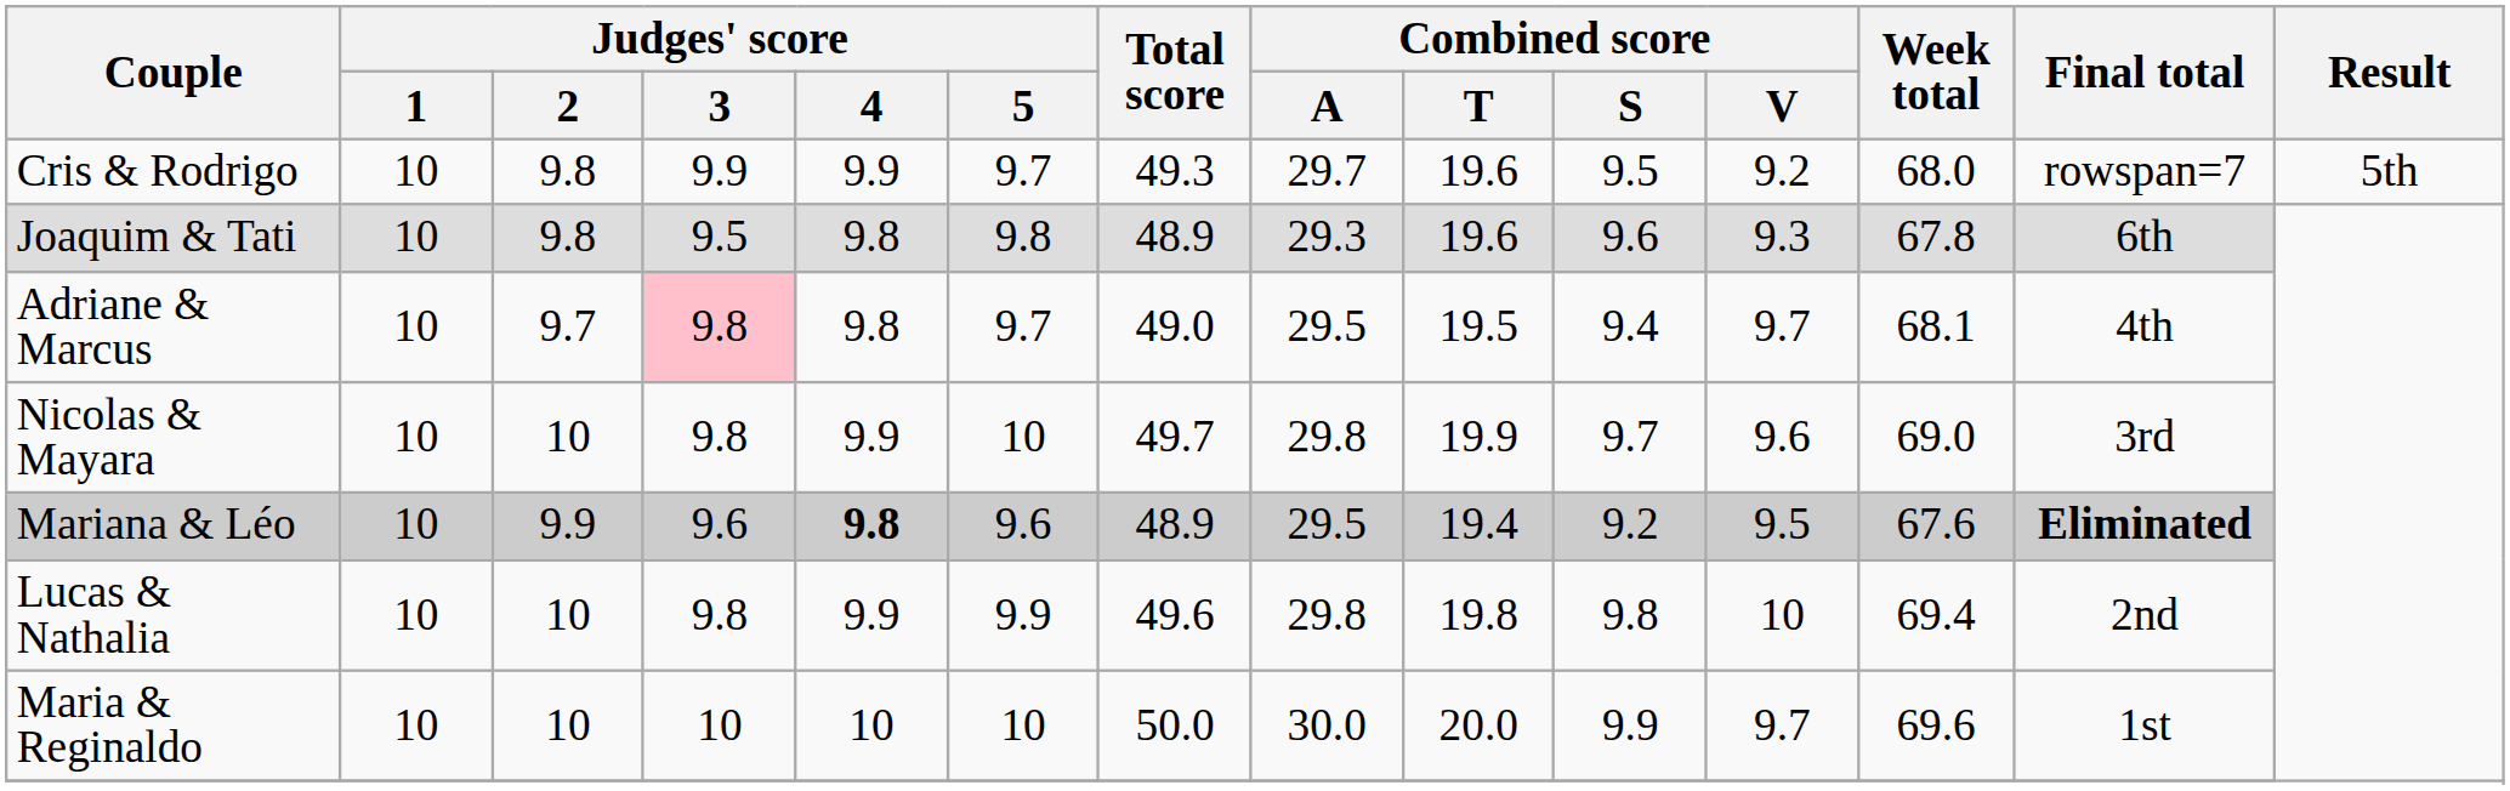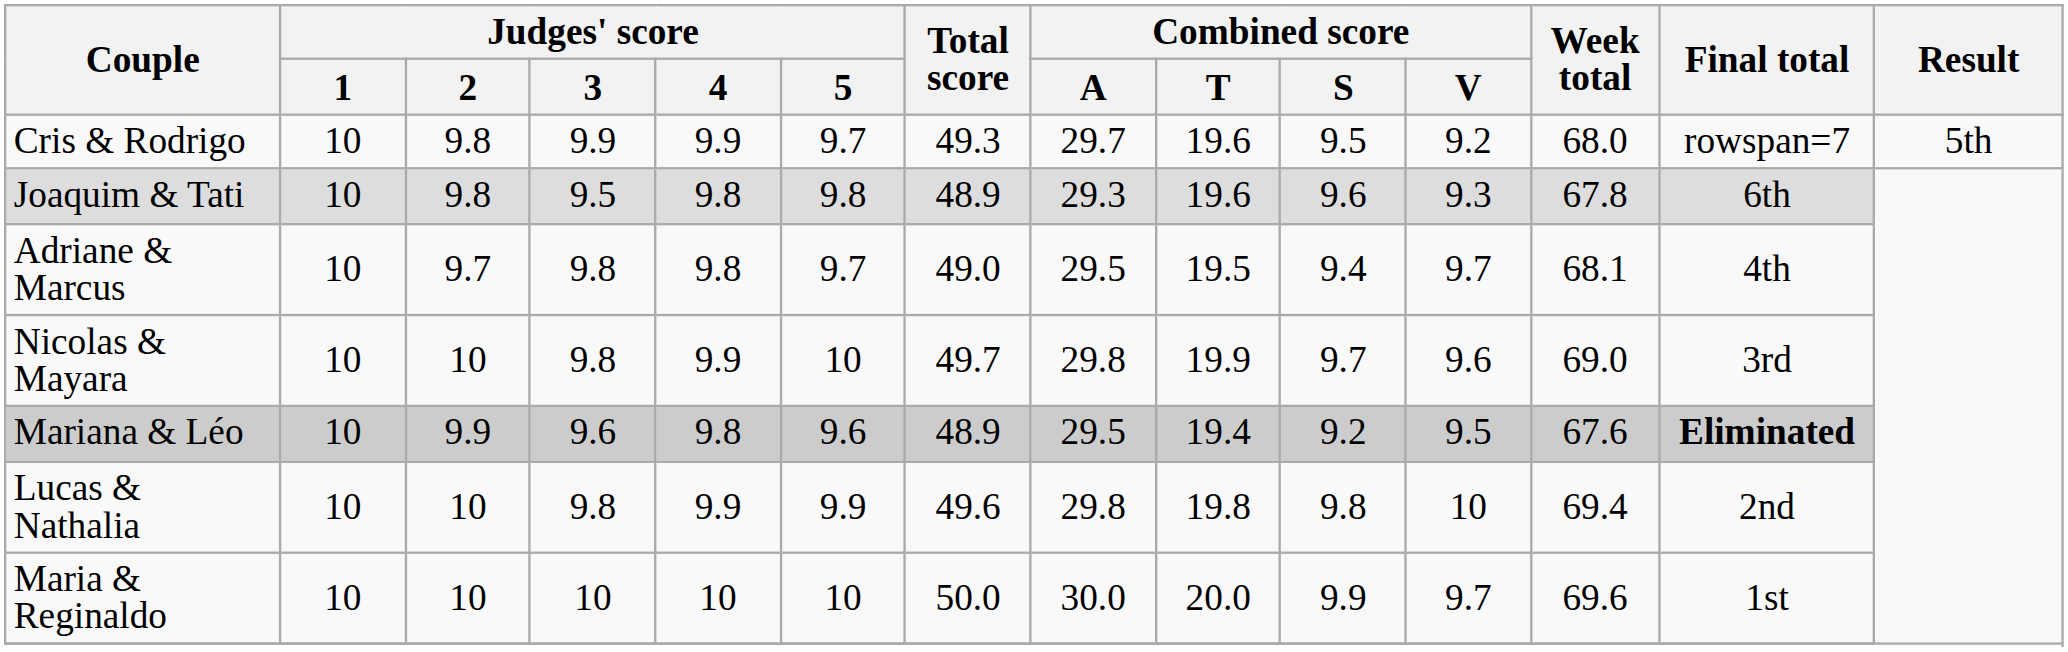 <table class="wikitable" style="font-size:100%; line-height:16px; text-align:center" width="100%">
 <tr>
 <th rowspan=2 style="width:11.0%;">Couple</th>
 <th colspan=5 style="width:25.0%;">Judges' score</th>
 <th rowspan=2 style="width:05.0%;">Total score</th>
 <th colspan=4 style="width:20.0%;">Combined score</th>
 <th rowspan=2 style="width:05.0%;">Week total</th>
 <th rowspan=2 style="width:05.0%;">Final total</th>
 <th rowspan=2 style="width:07.5%;">Result</th>
 </tr>
 <tr>
 <th style="width:05.0%;">1</th>
 <th style="width:05.0%;">2</th>
 <th style="width:05.0%;">3</th>
 <th style="width:05.0%;">4</th>
 <th style="width:05.0%;">5</th>
 <th style="width:05.0%;">A</th>
 <th style="width:05.0%;">T</th>
 <th style="width:05.0%;">S</th>
 <th style="width:05.0%;">V</th>
 </tr>
 <tr>
 <td align="left">Cris & Rodrigo</td>
 <td>10</td>
 <td>9.8</td>
 <td>9.9</td>
 <td>9.9</td>
 <td>9.7</td>
 <td>49.3</td>
 <td>29.7</td>
 <td>19.6</td>
 <td>9.5</td>
 <td>9.2</td>
 <td>68.0</td>
 <td>rowspan=7 </td>
 <td>5th</td>
 </tr>
 <tr bgcolor="DDDDDD">
 <td align="left">Joaquim & Tati</td>
 <td>10</td>
 <td>9.8</td>
 <td>9.5</td>
 <td>9.8</td>
 <td>9.8</td>
 <td>48.9</td>
 <td>29.3</td>
 <td>19.6</td>
 <td>9.6</td>
 <td>9.3</td>
 <td>67.8</td>
 <td>6th</td>
 </tr>
 <tr>
 <td align="left">Adriane & Marcus</td>
 <td>10</td>
 <td>9.7</td>
-<td style="background: pink;">9.8</td>
+<td>9.8</td>
 <td>9.8</td>
 <td>9.7</td>
 <td>49.0</td>
 <td>29.5</td>
 <td>19.5</td>
 <td>9.4</td>
 <td>9.7</td>
 <td>68.1</td>
 <td>4th</td>
 </tr>
 <tr>
 <td align="left">Nicolas & Mayara</td>
 <td>10</td>
 <td>10</td>
 <td>9.8</td>
 <td>9.9</td>
 <td>10</td>
 <td>49.7</td>
 <td>29.8</td>
 <td>19.9</td>
 <td>9.7</td>
 <td>9.6</td>
 <td>69.0</td>
 <td>3rd</td>
 </tr>
 <tr bgcolor="CCCCCC">
 <td align="left">Mariana & Léo</td>
 <td>10</td>
 <td>9.9</td>
 <td>9.6</td>
-<td><strong>9.8</strong></td>
+<td>9.8</td>
 <td>9.6</td>
 <td>48.9</td>
 <td>29.5</td>
 <td>19.4</td>
 <td>9.2</td>
 <td>9.5</td>
 <td>67.6</td>
 <td><strong>Eliminated</strong></td>
 </tr>
 <tr>
 <td align="left">Lucas & Nathalia</td>
 <td>10</td>
 <td>10</td>
 <td>9.8</td>
 <td>9.9</td>
 <td>9.9</td>
 <td>49.6</td>
 <td>29.8</td>
 <td>19.8</td>
 <td>9.8</td>
 <td>10</td>
 <td>69.4</td>
 <td>2nd</td>
 </tr>
 <tr>
 <td align="left">Maria & Reginaldo</td>
 <td>10</td>
 <td>10</td>
 <td>10</td>
 <td>10</td>
 <td>10</td>
 <td>50.0</td>
 <td>30.0</td>
 <td>20.0</td>
 <td>9.9</td>
 <td>9.7</td>
 <td>69.6</td>
 <td>1st</td>
 </tr>
 <tr>
 </tr>
 </table>
